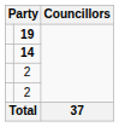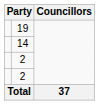 <table class="wikitable">
 <tr>
 <th colspan=2>Party</th>
 <th>Councillors</th>
 </tr>
 <tr>
 <td></td>
-<td align=center><strong>19</strong></td>
+<td align=center>19</td>
 </tr>
 <tr>
 <td></td>
-<td align=center><strong>14</strong></td>
+<td align=center>14</td>
 </tr>
 <tr>
 <td></td>
 <td align=center>2</td>
 </tr>
 <tr>
 <td></td>
 <td align=center>2</td>
 </tr>
 <tr>
 <th colspan=2>Total</th>
 <th align=center>37</th>
 </tr>
 </table>
